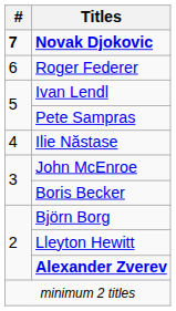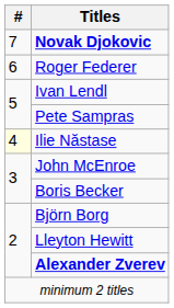 <table class="wikitable" style="display:inline-table;">
 <tr>
 <th width=20>#</th>
 <th>Titles</th>
 </tr>
 <tr>
-<td><strong>7</strong></td>
+<td>7</td>
 <td> <strong><a href='#'>Novak Djokovic</a></strong></td>
 </tr>
 <tr>
 <td>6</td>
 <td> <a href='#'>Roger Federer</a></td>
 </tr>
 <tr>
 <td rowspan="2">5</td>
 <td> <a href='#'>Ivan Lendl</a></td>
 </tr>
 <tr>
 <td> <a href='#'>Pete Sampras</a></td>
 </tr>
 <tr>
-<td>4</td>
+<td style="background: lightyellow;">4</td>
 <td> <a href='#'>Ilie Năstase</a></td>
 </tr>
 <tr>
 <td rowspan="2">3</td>
 <td> <a href='#'>John McEnroe</a></td>
 </tr>
 <tr>
 <td> <a href='#'>Boris Becker</a></td>
 </tr>
 <tr>
 <td rowspan="3">2</td>
 <td> <a href='#'>Björn Borg</a></td>
 </tr>
 <tr>
 <td> <a href='#'>Lleyton Hewitt</a></td>
 </tr>
 <tr>
 <td> <strong><a href='#'>Alexander Zverev</a></strong></td>
 </tr>
 <tr>
 <td colspan="3" style="text-align: center;"><small><em>minimum 2 titles</em></small></td>
 </tr>
 </table>
